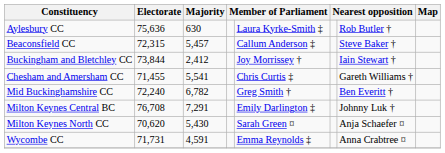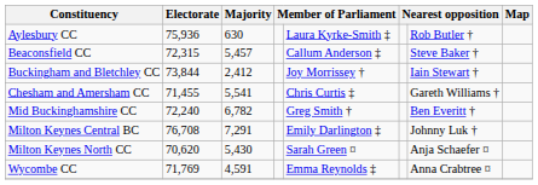 <table class="wikitable sortable">
 <tr>
 <th rowspan="1">Constituency</th>
 <th rowspan="1">Electorate</th>
 <th rowspan="1">Majority</th>
 <th class="unsortable" colspan="2">Member of Parliament</th>
 <th class="unsortable" colspan="2">Nearest opposition</th>
 <th class="unsortable" rowspan="1">Map</th>
 </tr>
 <tr>
 <td><a href='#'>Aylesbury</a> CC</td>
-<td>75,636</td>
+<td>75,936</td>
 <td>630</td>
 <td style="color:inherit;background:"> </td>
 <td><a href='#'>Laura Kyrke-Smith</a> ‡</td>
 <td style="color:inherit;background:"> </td>
 <td><a href='#'>Rob Butler</a> †</td>
 <td></td>
 </tr>
 <tr>
 <td><a href='#'>Beaconsfield</a> CC</td>
 <td>72,315</td>
 <td>5,457</td>
 <td style="color:inherit;background:"> </td>
 <td><a href='#'>Callum Anderson</a> ‡</td>
 <td style="color:inherit;background:"> </td>
 <td><a href='#'>Steve Baker</a> †</td>
 <td></td>
 </tr>
 <tr>
 <td><a href='#'>Buckingham and Bletchley</a> CC</td>
 <td>73,844</td>
 <td>2,412</td>
 <td style="color:inherit;background:"> </td>
 <td><a href='#'>Joy Morrissey</a> †</td>
 <td style="color:inherit;background:"> </td>
 <td><a href='#'>Iain Stewart</a> †</td>
 <td></td>
 </tr>
 <tr>
 <td><a href='#'>Chesham and Amersham</a> CC</td>
 <td>71,455</td>
 <td>5,541</td>
 <td style="color:inherit;background:"> </td>
 <td><a href='#'>Chris Curtis</a> ‡</td>
 <td style="color:inherit;background:"> </td>
 <td>Gareth Williams †</td>
 <td></td>
 </tr>
 <tr>
 <td><a href='#'>Mid Buckinghamshire</a> CC</td>
 <td>72,240</td>
 <td>6,782</td>
 <td style="color:inherit;background:"> </td>
 <td><a href='#'>Greg Smith</a> †</td>
 <td style="color:inherit;background:"> </td>
 <td><a href='#'>Ben Everitt</a> †</td>
 <td></td>
 </tr>
 <tr>
 <td><a href='#'>Milton Keynes Central</a> BC</td>
 <td>76,708</td>
 <td>7,291</td>
 <td style="color:inherit;background:"> </td>
 <td><a href='#'>Emily Darlington</a> ‡</td>
 <td style="color:inherit;background:"> </td>
 <td>Johnny Luk †</td>
 <td></td>
 </tr>
 <tr>
 <td><a href='#'>Milton Keynes North</a> CC</td>
 <td>70,620</td>
 <td>5,430</td>
 <td style="color:inherit;background:"> </td>
 <td><a href='#'>Sarah Green</a> ¤</td>
 <td style="color:inherit;background:"> </td>
 <td>Anja Schaefer ¤</td>
 <td></td>
 </tr>
 <tr>
 <td><a href='#'>Wycombe</a> CC</td>
-<td>71,731</td>
+<td>71,769</td>
 <td>4,591</td>
 <td style="color:inherit;background:"> </td>
 <td><a href='#'>Emma Reynolds</a> ‡</td>
 <td style="color:inherit;background:"> </td>
 <td>Anna Crabtree ¤</td>
 <td></td>
 </tr>
 <tr>
 </tr>
 </table>
